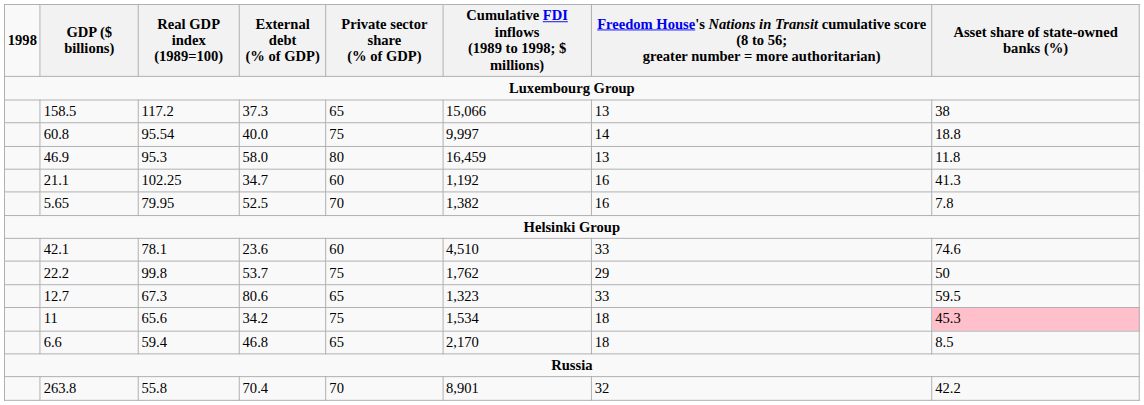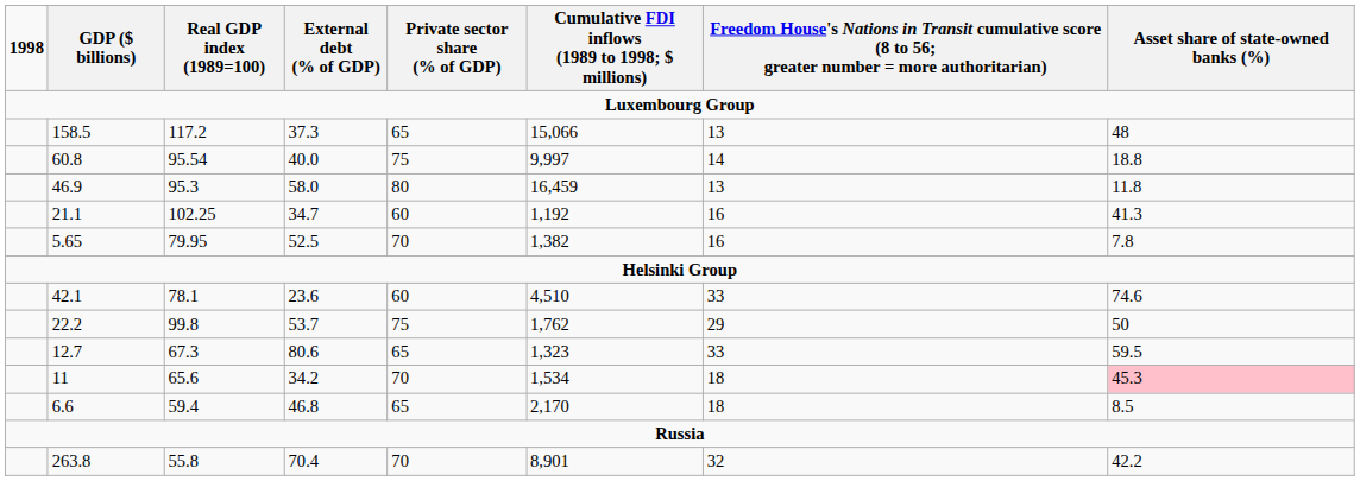 <table class="wikitable">
 <tr>
 <td><strong>1998</strong></td>
 <th>GDP ($ billions)</th>
 <th>Real GDP index<br>(1989=100)</th>
 <th>External debt<br>(% of GDP)</th>
 <th>Private sector share<br>(% of GDP)</th>
 <th>Cumulative <a href='#'>FDI</a> inflows<br>(1989 to 1998; $ millions)</th>
 <th><a href='#'>Freedom House</a>'s <em>Nations in Transit</em> cumulative score (8 to 56;<br>greater number = more authoritarian)</th>
 <th>Asset share of state-owned banks (%)</th>
 </tr>
 <tr>
 <th colspan="8" style="background:#f9f9f9;">Luxembourg Group</th>
 </tr>
 <tr>
 <td><strong></strong></td>
 <td>158.5</td>
 <td>117.2</td>
 <td>37.3</td>
 <td>65</td>
 <td>15,066</td>
 <td>13</td>
-<td>38</td>
+<td>48</td>
 </tr>
 <tr>
 <td><strong></strong></td>
 <td>60.8</td>
 <td>95.54</td>
 <td>40.0</td>
 <td>75</td>
 <td>9,997</td>
 <td>14</td>
 <td>18.8</td>
 </tr>
 <tr>
 <td><strong></strong></td>
 <td>46.9</td>
 <td>95.3</td>
 <td>58.0</td>
 <td>80</td>
 <td>16,459</td>
 <td>13</td>
 <td>11.8</td>
 </tr>
 <tr>
 <td><strong></strong></td>
 <td>21.1</td>
 <td>102.25</td>
 <td>34.7</td>
 <td>60</td>
 <td>1,192</td>
 <td>16</td>
 <td>41.3</td>
 </tr>
 <tr>
 <td><strong></strong></td>
 <td>5.65</td>
 <td>79.95</td>
 <td>52.5</td>
 <td>70</td>
 <td>1,382</td>
 <td>16</td>
 <td>7.8</td>
 </tr>
 <tr>
 <th colspan="8" style="background:#f9f9f9;">Helsinki Group</th>
 </tr>
 <tr>
 <td><strong></strong></td>
 <td>42.1</td>
 <td>78.1</td>
 <td>23.6</td>
 <td>60</td>
 <td>4,510</td>
 <td>33</td>
 <td>74.6</td>
 </tr>
 <tr>
 <td><strong></strong></td>
 <td>22.2</td>
 <td>99.8</td>
 <td>53.7</td>
 <td>75</td>
 <td>1,762</td>
 <td>29</td>
 <td>50</td>
 </tr>
 <tr>
 <td><strong></strong></td>
 <td>12.7</td>
 <td>67.3</td>
 <td>80.6</td>
 <td>65</td>
 <td>1,323</td>
 <td>33</td>
 <td>59.5</td>
 </tr>
 <tr>
 <td><strong></strong></td>
 <td>11</td>
 <td>65.6</td>
 <td>34.2</td>
-<td>75</td>
+<td>70</td>
 <td>1,534</td>
 <td>18</td>
 <td style="background: pink;">45.3</td>
 </tr>
 <tr>
 <td><strong></strong></td>
 <td>6.6</td>
 <td>59.4</td>
 <td>46.8</td>
 <td>65</td>
 <td>2,170</td>
 <td>18</td>
 <td>8.5</td>
 </tr>
 <tr>
 <th colspan="8" style="background:#f9f9f9;">Russia</th>
 </tr>
 <tr>
 <td><strong></strong></td>
 <td>263.8</td>
 <td>55.8</td>
 <td>70.4</td>
 <td>70</td>
 <td>8,901</td>
 <td>32</td>
 <td>42.2</td>
 </tr>
 </table>
